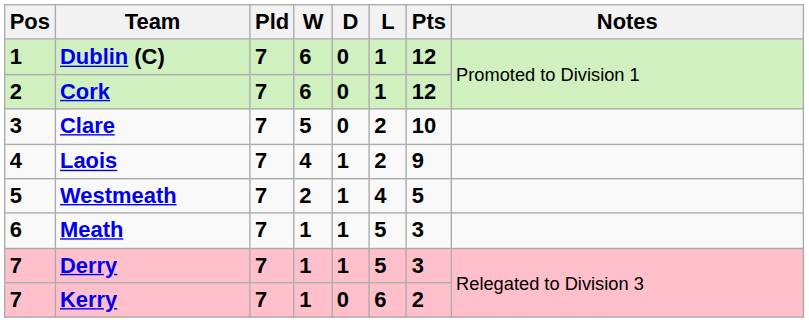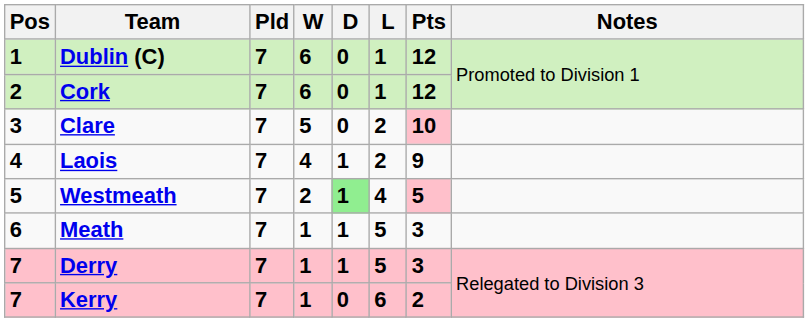 <table class="wikitable" style="text-align: centre;">
 <tr>
 <th width=20>Pos</th>
 <th width=135>Team</th>
 <th width=20>Pld</th>
 <th width=20>W</th>
 <th width=20>D</th>
 <th width=20>L</th>
 <th width=20>Pts</th>
 <th width=250>Notes</th>
 </tr>
 <tr style="background:#D0F0C0;">
 <td><strong>1</strong></td>
 <td align=left><strong> <a href='#'>Dublin</a> (C)</strong></td>
 <td><strong>7</strong></td>
 <td><strong>6</strong></td>
 <td><strong>0</strong></td>
 <td><strong>1</strong></td>
 <td><strong>12</strong></td>
 <td rowspan="2"><small> Promoted to Division 1</small></td>
 </tr>
 <tr style="background:#D0F0C0;">
 <td><strong>2</strong></td>
 <td align=left><strong> <a href='#'>Cork</a></strong></td>
 <td><strong>7</strong></td>
 <td><strong>6</strong></td>
 <td><strong>0</strong></td>
 <td><strong>1</strong></td>
 <td><strong>12</strong></td>
 </tr>
 <tr style>
 <td><strong>3</strong></td>
 <td align=left><strong> <a href='#'>Clare</a> </strong></td>
 <td><strong>7</strong></td>
 <td><strong>5</strong></td>
 <td><strong>0</strong></td>
 <td><strong>2</strong></td>
-<td><strong>10</strong></td>
+<td style="background: pink;"><strong>10</strong></td>
 <td></td>
 </tr>
 <tr style>
 <td><strong>4</strong></td>
 <td align=left><strong> <a href='#'>Laois</a> </strong></td>
 <td><strong>7</strong></td>
 <td><strong>4</strong></td>
 <td><strong>1</strong></td>
 <td><strong>2</strong></td>
 <td><strong>9</strong></td>
 <td></td>
 </tr>
 <tr style>
 <td><strong>5</strong></td>
 <td align=left><strong> <a href='#'>Westmeath</a> </strong></td>
 <td><strong>7</strong></td>
 <td><strong>2</strong></td>
-<td><strong>1</strong></td>
+<td style="background: lightgreen;"><strong>1</strong></td>
 <td><strong>4</strong></td>
-<td><strong>5</strong></td>
+<td style="background: pink;"><strong>5</strong></td>
 <td></td>
 </tr>
 <tr style>
 <td><strong>6</strong></td>
 <td align=left><strong> <a href='#'>Meath</a> </strong></td>
 <td><strong>7</strong></td>
 <td><strong>1</strong></td>
 <td><strong>1</strong></td>
 <td><strong>5</strong></td>
 <td><strong>3</strong></td>
 <td></td>
 </tr>
 <tr style="background:#FFC0CB;">
 <td><strong>7</strong></td>
 <td align=left><strong> <a href='#'>Derry</a></strong></td>
 <td><strong>7</strong></td>
 <td><strong>1</strong></td>
 <td><strong>1</strong></td>
 <td><strong>5</strong></td>
 <td><strong>3</strong></td>
 <td rowspan="2"><small> Relegated to Division 3</small></td>
 </tr>
 <tr style="background:#FFC0CB;">
 <td><strong>7</strong></td>
 <td align=left><strong> <a href='#'>Kerry</a></strong></td>
 <td><strong>7</strong></td>
 <td><strong>1</strong></td>
 <td><strong>0</strong></td>
 <td><strong>6</strong></td>
 <td><strong>2</strong></td>
 </tr>
 </table>
